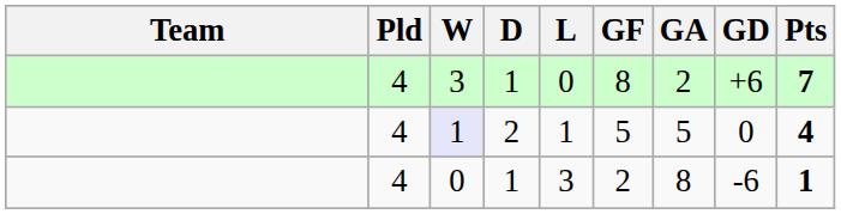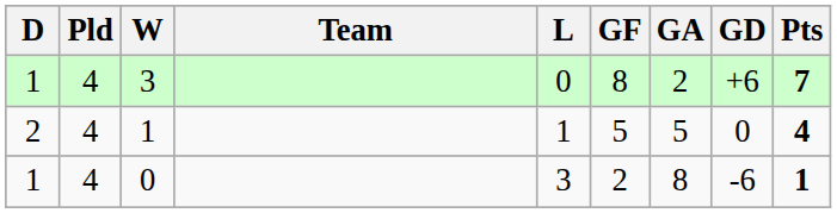 <table class="wikitable" style="text-align:center;">
 <tr>
-<th width=175>Team</th>
+<th style="width:20px;" abbr="Drawn">D</th>
 <th style="width:20px;" abbr="Played">Pld</th>
 <th style="width:20px;" abbr="Won">W</th>
-<th style="width:20px;" abbr="Drawn">D</th>
+<th width=175>Team</th>
 <th style="width:20px;" abbr="Lost">L</th>
 <th style="width:20px;" abbr="Goals for">GF</th>
 <th style="width:20px;" abbr="Goals against">GA</th>
 <th style="width:20px;" abbr="Goal difference">GD</th>
 <th style="width:20px;" abbr="Points">Pts</th>
 </tr>
 <tr bgcolor="#ccffcc">
-<td align=left></td>
+<td>1</td>
 <td>4</td>
 <td>3</td>
-<td>1</td>
+<td align=left></td>
 <td>0</td>
 <td>8</td>
 <td>2</td>
 <td>+6</td>
 <td><strong>7</strong></td>
 </tr>
 <tr>
+<td>2</td>
+<td>4</td>
+<td>1</td>
 <td align=left></td>
-<td>4</td>
-<td style="background: lavender;">1</td>
-<td>2</td>
 <td>1</td>
 <td>5</td>
 <td>5</td>
 <td>0</td>
 <td><strong>4</strong></td>
 </tr>
 <tr>
-<td align=left></td>
+<td>1</td>
 <td>4</td>
 <td>0</td>
-<td>1</td>
+<td align=left></td>
 <td>3</td>
 <td>2</td>
 <td>8</td>
 <td>-6</td>
 <td><strong>1</strong></td>
 </tr>
 </table>
